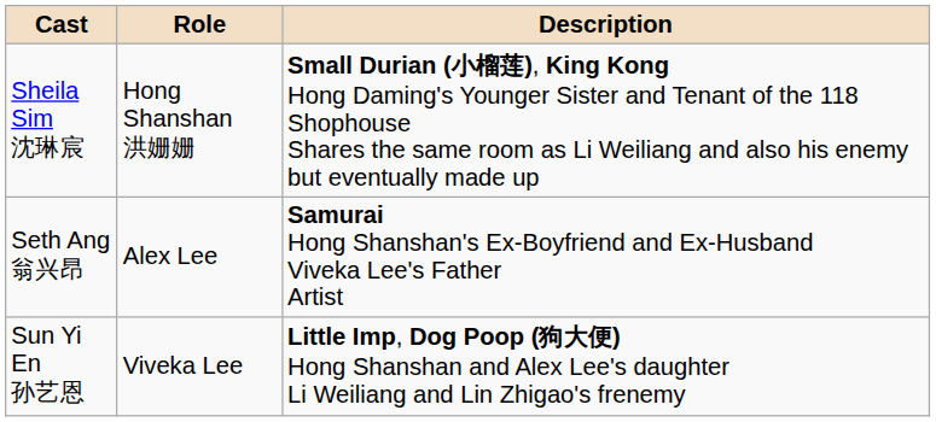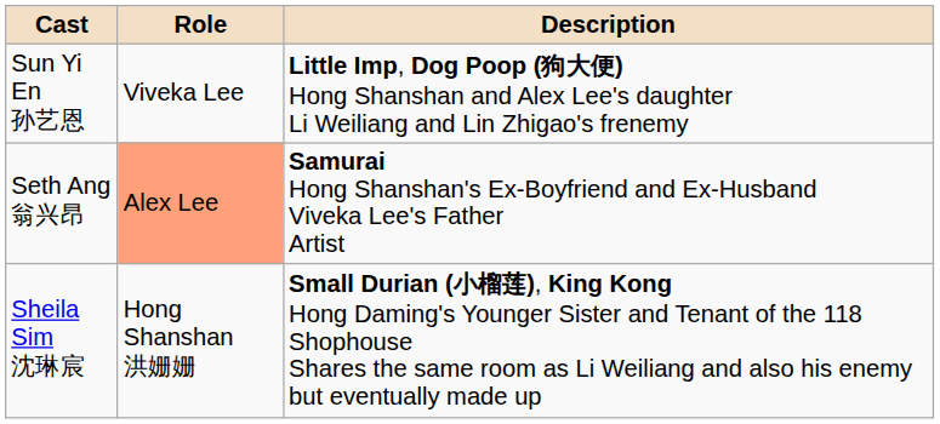 <table class="wikitable">
 <tr>
 <th style="background:#f2dfc6;">Cast</th>
 <th style="background:#f2dfc6;">Role</th>
 <th style="background:#f2dfc6;">Description</th>
 </tr>
 <tr>
+<td>Sun Yi En<br>孙艺恩</td>
+<td>Viveka Lee</td>
+<td><strong>Little Imp</strong>, <strong>Dog Poop (狗大便)</strong><br>Hong Shanshan and Alex Lee's daughter<br>Li Weiliang and Lin Zhigao's frenemy</td>
+</tr>
+<tr>
+<td>Seth Ang<br>翁兴昂</td>
+<td style="background: lightsalmon;">Alex Lee</td>
+<td><strong>Samurai</strong><br>Hong Shanshan's Ex-Boyfriend and Ex-Husband <br>Viveka Lee's Father<br>Artist</td>
+</tr>
+<tr>
 <td><a href='#'>Sheila Sim</a><br>沈琳宸</td>
 <td>Hong Shanshan<br>洪姗姗</td>
 <td><strong>Small Durian (小榴莲)</strong>, <strong>King Kong</strong><br>Hong Daming's Younger Sister and Tenant of the 118 Shophouse<br> Shares the same room as Li Weiliang and also his enemy but eventually made up</td>
 </tr>
-<tr>
-<td>Seth Ang<br>翁兴昂</td>
-<td>Alex Lee</td>
-<td><strong>Samurai</strong><br>Hong Shanshan's Ex-Boyfriend and Ex-Husband <br>Viveka Lee's Father<br>Artist</td>
-</tr>
-<tr>
-<td>Sun Yi En<br>孙艺恩</td>
-<td>Viveka Lee</td>
-<td><strong>Little Imp</strong>, <strong>Dog Poop (狗大便)</strong><br>Hong Shanshan and Alex Lee's daughter<br>Li Weiliang and Lin Zhigao's frenemy</td>
-</tr>
 </table>
